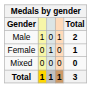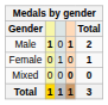 <table class=wikitable style=font-size:85%;float:right;text-align:center>
 <tr>
 <th colspan=5>Medals by gender</th>
 </tr>
 <tr>
 <th>Gender</th>
 <td bgcolor=F7F6A8></td>
 <td bgcolor=DCE5E5></td>
 <td bgcolor=FFDAB9></td>
 <th>Total</th>
 </tr>
 <tr>
 <td>Male</td>
-<td bgcolor=F7F6A8>1</td>
+<td bgcolor=F7F6A8><strong>1</strong></td>
 <td bgcolor=DCE5E5>0</td>
-<td bgcolor=FFDAB9>1</td>
+<td bgcolor=FFDAB9><strong>1</strong></td>
 <td><strong>2</strong></td>
 </tr>
 <tr>
 <td>Female</td>
 <td bgcolor=F7F6A8>0</td>
 <td bgcolor=DCE5E5>1</td>
 <td bgcolor=FFDAB9>0</td>
 <td><strong>1</strong></td>
 </tr>
 <tr>
 <td>Mixed</td>
 <td bgcolor=F7F6A8>0</td>
 <td bgcolor=DCE5E5>0</td>
-<td bgcolor=FFDAB9>0</td>
+<td bgcolor=FFDAB9><strong>0</strong></td>
 <td><strong>0</strong></td>
 </tr>
 <tr>
 <th>Total</th>
 <th style=background:gold>1</th>
 <th style=background:silver>1</th>
 <th style=background:#c96>1</th>
 <th>3</th>
 </tr>
 </table>
